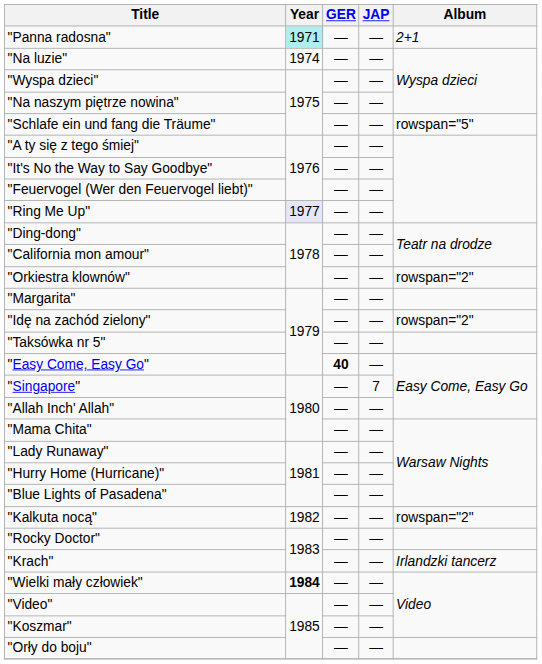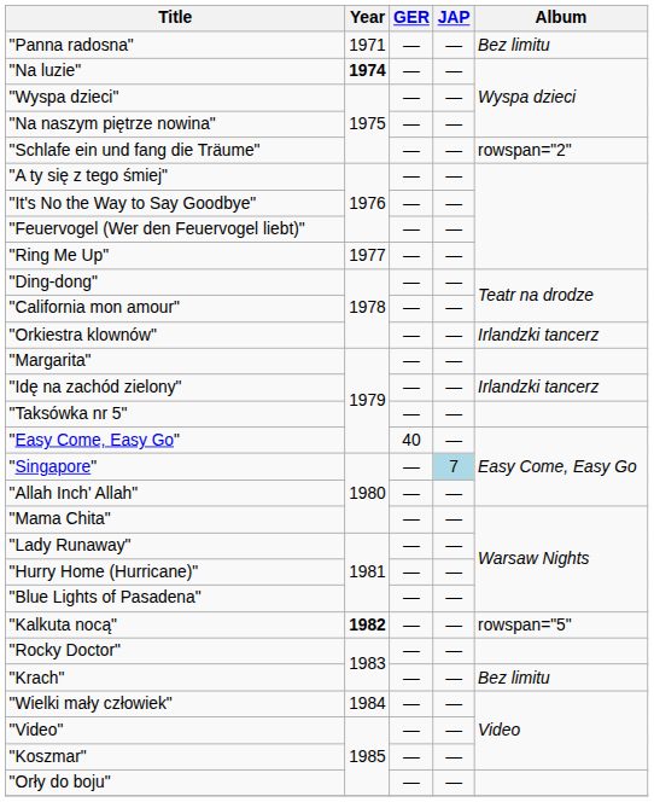 <table class="wikitable">
 <tr>
 <th align="center" style="width:20em;">Title</th>
 <th align="center">Year</th>
 <th align="center" style="width:2em;"><a href='#'>GER</a><br></th>
 <th align="center" style="width:2em;"><a href='#'>JAP</a><br></th>
 <th align="center" style="width:10em;">Album</th>
 </tr>
 <tr>
 <td>"Panna radosna"</td>
-<td style="background: paleturquoise;">1971</td>
+<td>1971</td>
 <td align="center">—</td>
 <td align="center">—</td>
-<td><em>2+1</em></td>
+<td><em>Bez limitu</em></td>
 </tr>
 <tr>
 <td>"Na luzie"</td>
-<td>1974</td>
+<td><strong>1974</strong></td>
 <td align="center">—</td>
 <td align="center">—</td>
 <td rowspan="3"><em>Wyspa dzieci</em></td>
 </tr>
 <tr>
 <td>"Wyspa dzieci"</td>
 <td rowspan="3">1975</td>
 <td align="center">—</td>
 <td align="center">—</td>
 </tr>
 <tr>
 <td>"Na naszym piętrze nowina"</td>
 <td align="center">—</td>
 <td align="center">—</td>
 </tr>
 <tr>
 <td>"Schlafe ein und fang die Träume"</td>
 <td align="center">—</td>
 <td align="center">—</td>
-<td>rowspan="5" </td>
+<td>rowspan="2" </td>
 </tr>
 <tr>
 <td>"A ty się z tego śmiej"</td>
 <td rowspan="3">1976</td>
 <td align="center">—</td>
 <td align="center">—</td>
 </tr>
 <tr>
 <td>"It's No the Way to Say Goodbye"</td>
 <td align="center">—</td>
 <td align="center">—</td>
 </tr>
 <tr>
 <td>"Feuervogel (Wer den Feuervogel liebt)"</td>
 <td align="center">—</td>
 <td align="center">—</td>
 </tr>
 <tr>
 <td>"Ring Me Up"</td>
-<td style="background: lavender;">1977</td>
+<td>1977</td>
 <td align="center">—</td>
 <td align="center">—</td>
 </tr>
 <tr>
 <td>"Ding-dong"</td>
 <td rowspan="3">1978</td>
 <td align="center">—</td>
 <td align="center">—</td>
 <td rowspan="2"><em>Teatr na drodze</em></td>
 </tr>
 <tr>
 <td>"California mon amour"</td>
 <td align="center">—</td>
 <td align="center">—</td>
 </tr>
 <tr>
 <td>"Orkiestra klownów"</td>
 <td align="center">—</td>
 <td align="center">—</td>
-<td>rowspan="2" </td>
+<td><em>Irlandzki tancerz</em></td>
 </tr>
 <tr>
 <td>"Margarita"</td>
 <td rowspan="4">1979</td>
 <td align="center">—</td>
 <td align="center">—</td>
 </tr>
 <tr>
 <td>"Idę na zachód zielony"</td>
 <td align="center">—</td>
 <td align="center">—</td>
-<td>rowspan="2" </td>
+<td><em>Irlandzki tancerz</em></td>
 </tr>
 <tr>
 <td>"Taksówka nr 5"</td>
 <td align="center">—</td>
 <td align="center">—</td>
 <td></td>
 </tr>
 <tr>
 <td>"<a href='#'>Easy Come, Easy Go</a>"</td>
-<td align="center"><strong>40</strong></td>
+<td align="center">40</td>
 <td align="center">—</td>
 <td rowspan="3"><em>Easy Come, Easy Go</em></td>
 </tr>
 <tr>
 <td>"<a href='#'>Singapore</a>"</td>
 <td rowspan="3">1980</td>
 <td align="center">—</td>
-<td align="center">7</td>
+<td align="center" style="background: lightblue;">7</td>
 </tr>
 <tr>
 <td>"Allah Inch' Allah"</td>
 <td align="center">—</td>
 <td align="center">—</td>
 </tr>
 <tr>
 <td>"Mama Chita"</td>
 <td align="center">—</td>
 <td align="center">—</td>
 <td rowspan="4"><em>Warsaw Nights</em></td>
 </tr>
 <tr>
 <td>"Lady Runaway"</td>
 <td rowspan="3">1981</td>
 <td align="center">—</td>
 <td align="center">—</td>
 </tr>
 <tr>
 <td>"Hurry Home (Hurricane)"</td>
 <td align="center">—</td>
 <td align="center">—</td>
 </tr>
 <tr>
 <td>"Blue Lights of Pasadena"</td>
 <td align="center">—</td>
 <td align="center">—</td>
 </tr>
 <tr>
 <td>"Kalkuta nocą"</td>
-<td>1982</td>
+<td><strong>1982</strong></td>
 <td align="center">—</td>
 <td align="center">—</td>
-<td>rowspan="2" </td>
+<td>rowspan="5" </td>
 </tr>
 <tr>
 <td>"Rocky Doctor"</td>
 <td rowspan="2">1983</td>
 <td align="center">—</td>
 <td align="center">—</td>
 </tr>
 <tr>
 <td>"Krach"</td>
 <td align="center">—</td>
 <td align="center">—</td>
-<td><em>Irlandzki tancerz</em></td>
+<td><em>Bez limitu</em></td>
 </tr>
 <tr>
 <td>"Wielki mały człowiek"</td>
-<td><strong>1984</strong></td>
+<td>1984</td>
 <td align="center">—</td>
 <td align="center">—</td>
 <td rowspan="3"><em>Video</em></td>
 </tr>
 <tr>
 <td>"Video"</td>
 <td rowspan="3">1985</td>
 <td align="center">—</td>
 <td align="center">—</td>
 </tr>
 <tr>
 <td>"Koszmar"</td>
 <td align="center">—</td>
 <td align="center">—</td>
 </tr>
 <tr>
 <td>"Orły do boju"</td>
 <td align="center">—</td>
 <td align="center">—</td>
 <td></td>
 </tr>
 <tr>
 </tr>
 </table>
